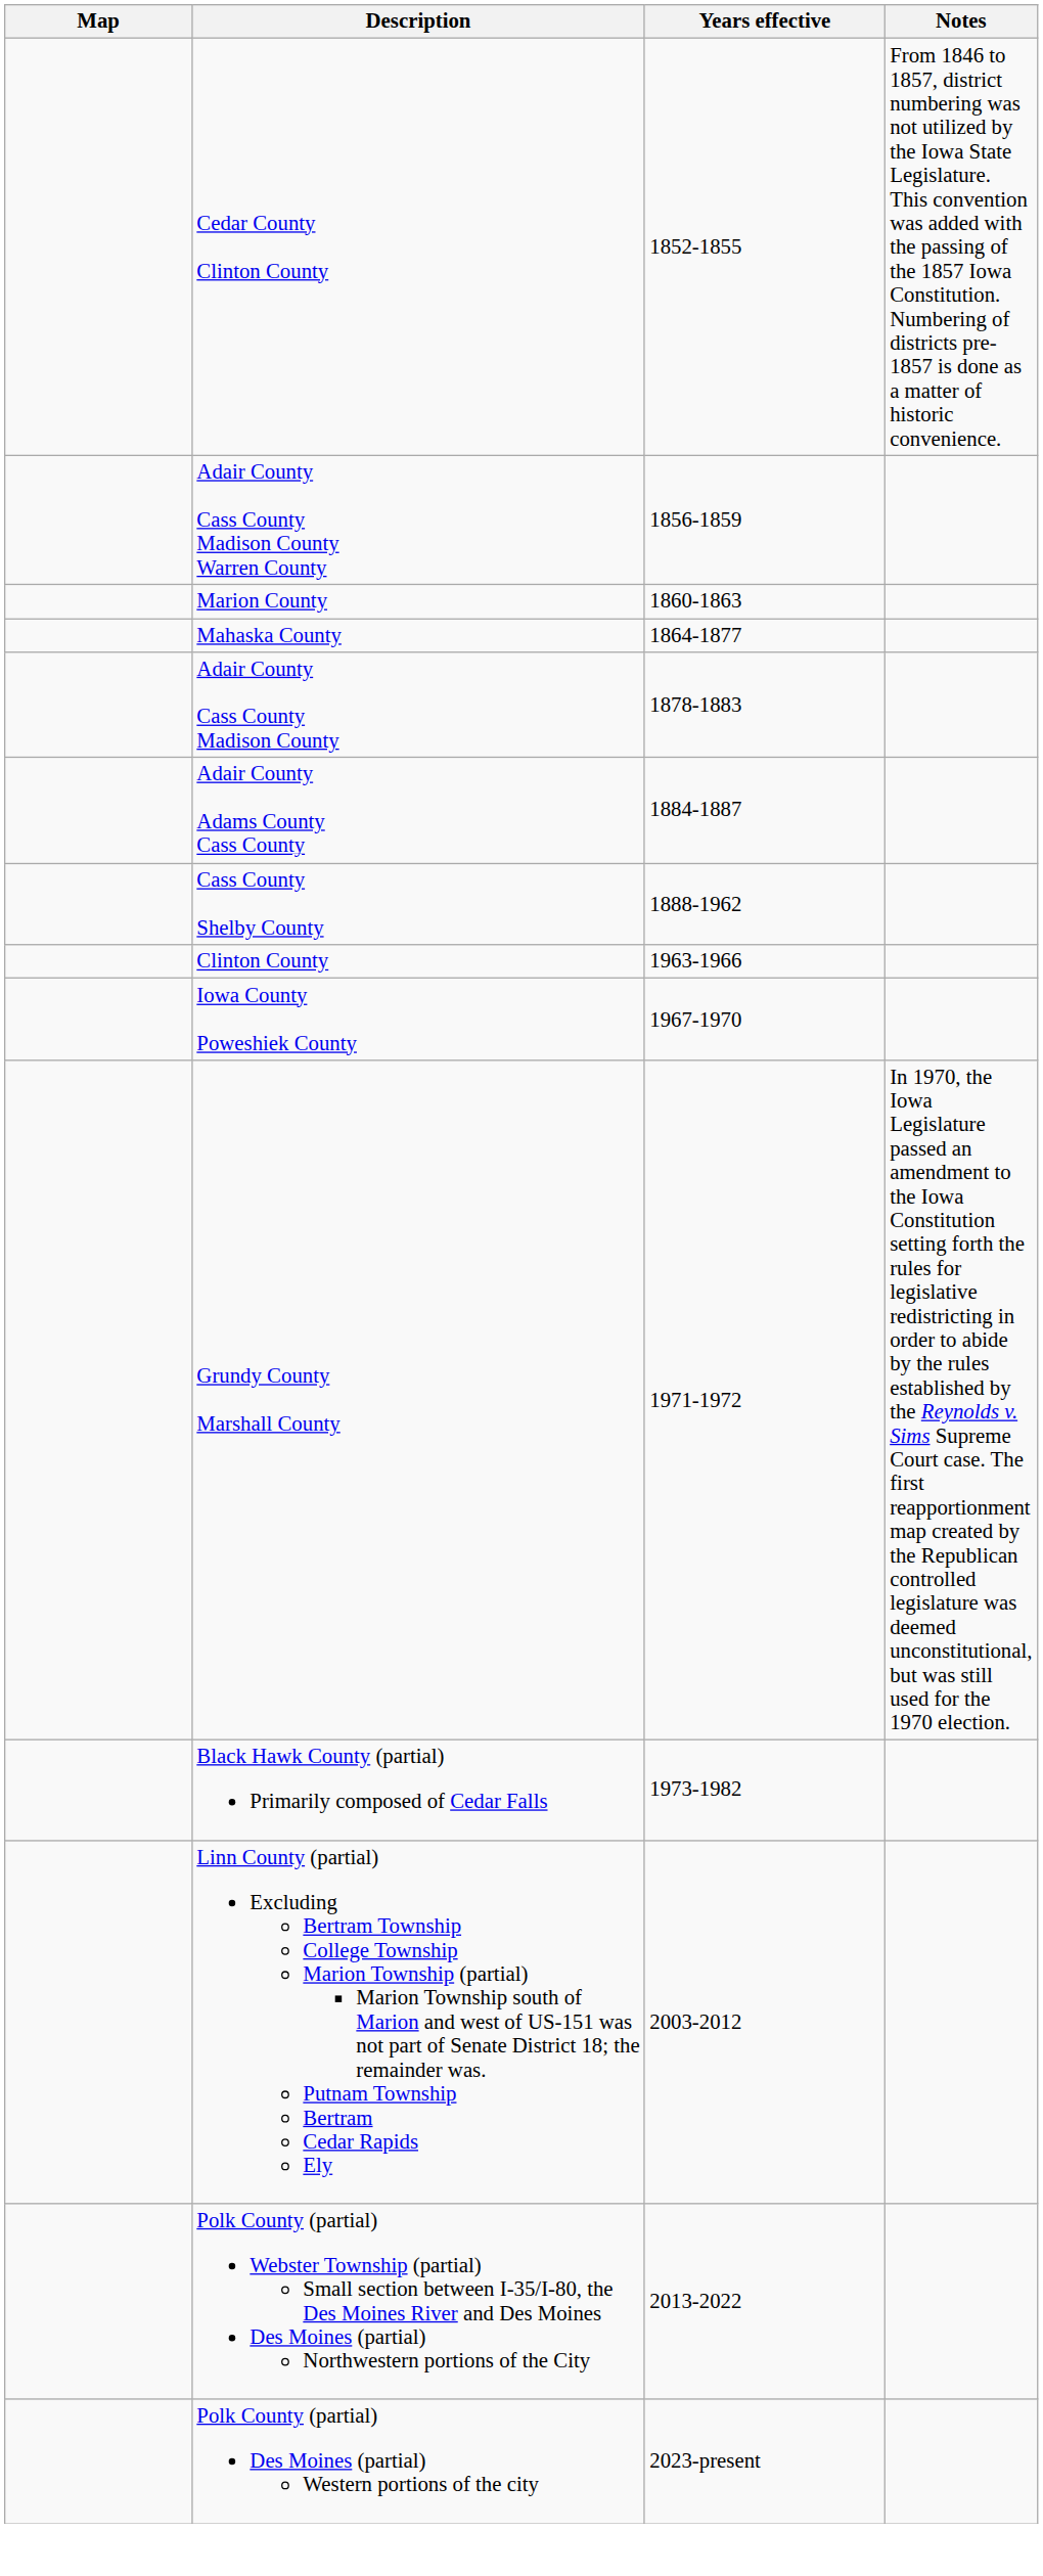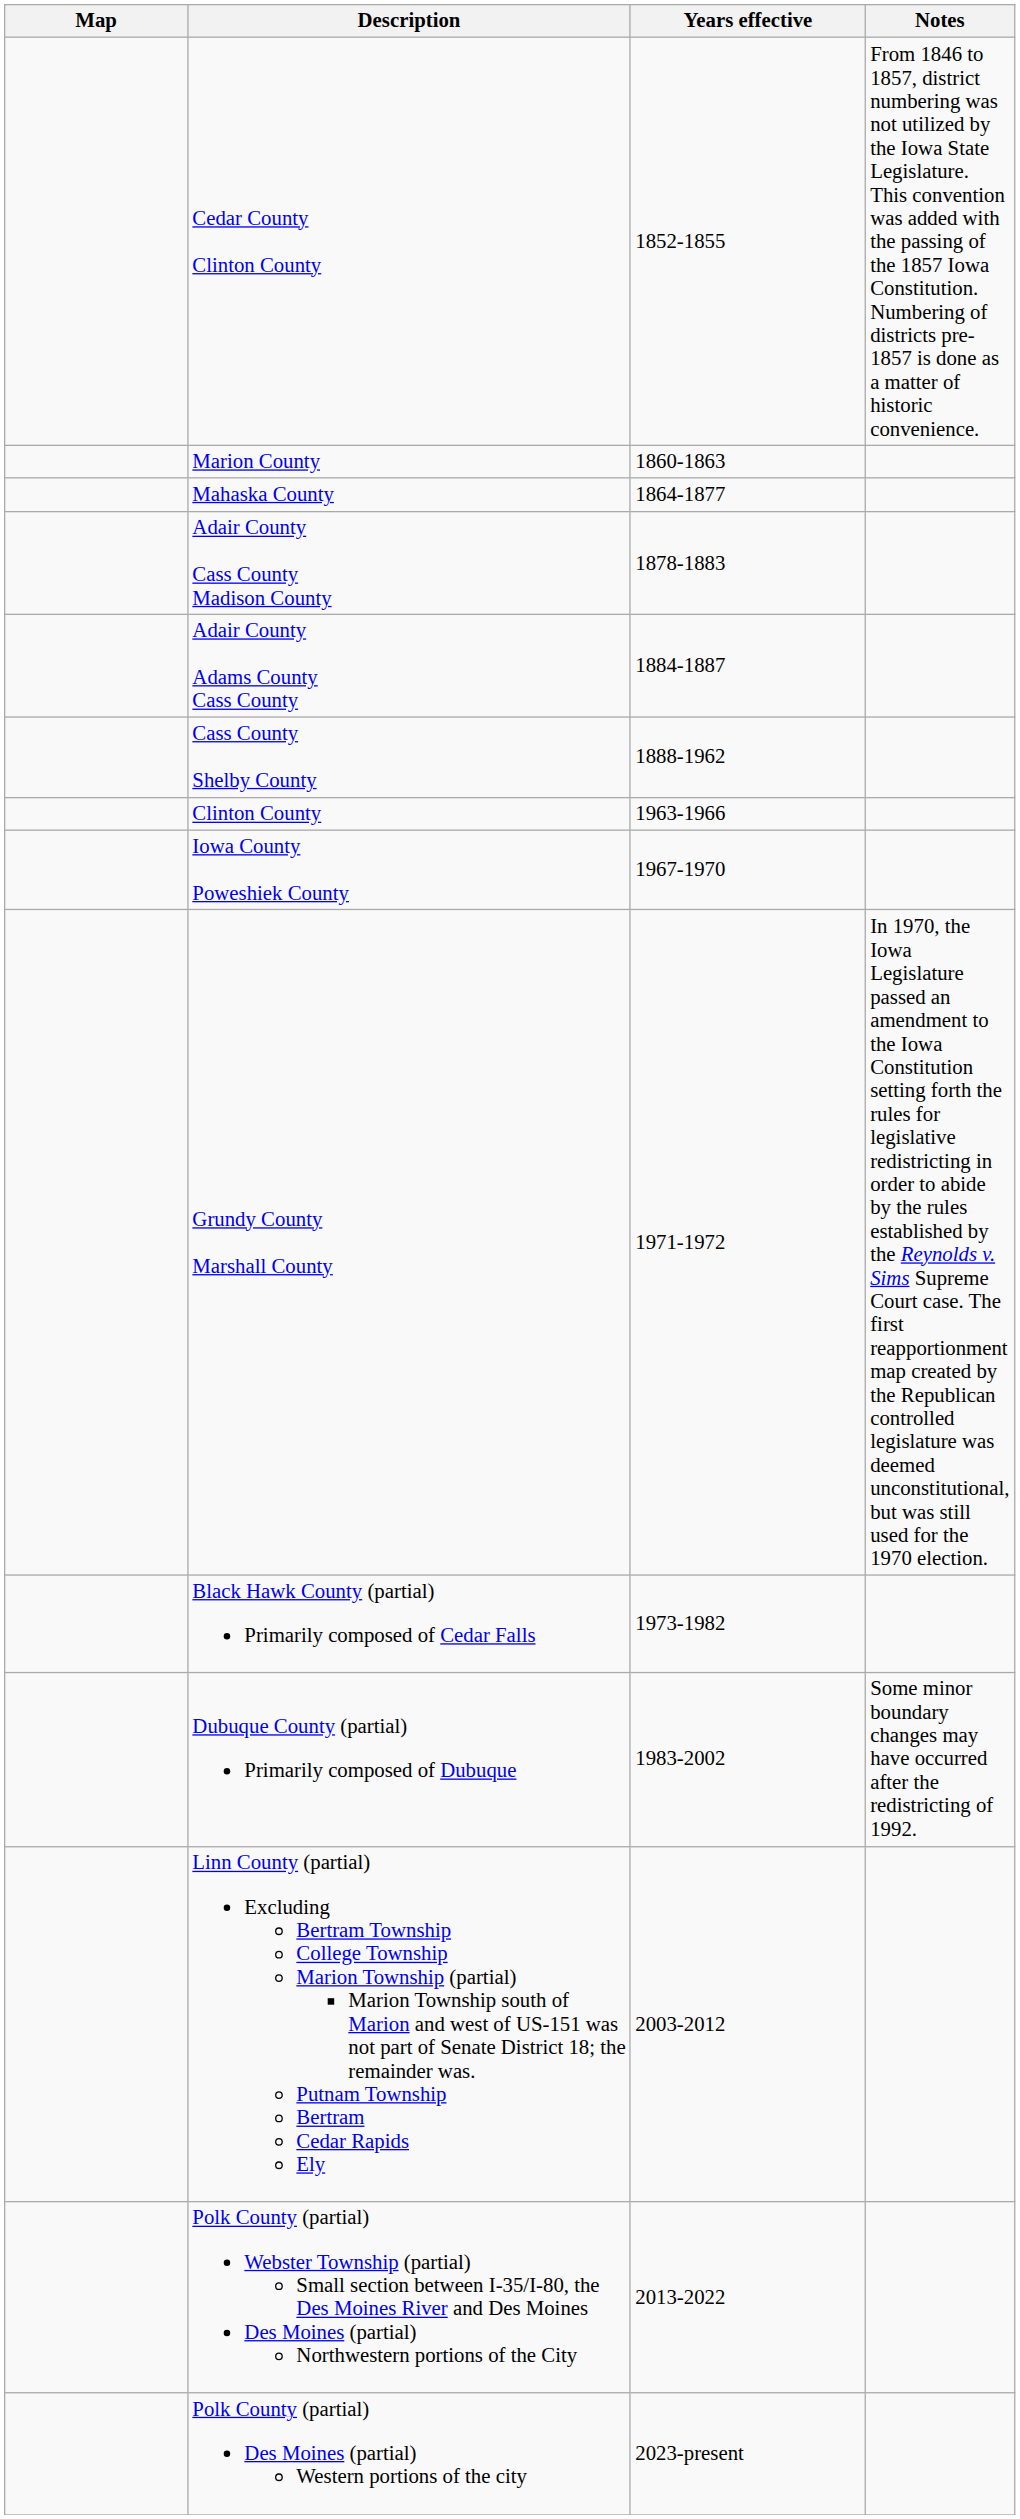 <table class="wikitable sortable">
 <tr>
 <th style="width:100pt;">Map</th>
 <th style="width:250pt;">Description</th>
 <th style="width:130pt;">Years effective</th>
 <th style="width:15pt;">Notes</th>
 </tr>
 <tr>
 <td></td>
 <td><a href='#'>Cedar County</a><br><br><a href='#'>Clinton County</a></td>
 <td>1852-1855</td>
 <td>From 1846 to 1857, district numbering was not utilized by the Iowa State Legislature. This convention was added with the passing of the 1857 Iowa Constitution. Numbering of districts pre-1857 is done as a matter of historic convenience.</td>
-</tr>
-<tr>
-<td></td>
-<td><a href='#'>Adair County</a><br><br><a href='#'>Cass County</a><br> <a href='#'>Madison County</a><br> <a href='#'>Warren County</a></td>
-<td>1856-1859</td>
-<td></td>
 </tr>
 <tr>
 <td></td>
 <td><a href='#'>Marion County</a></td>
 <td>1860-1863</td>
 <td></td>
 </tr>
 <tr>
 <td></td>
 <td><a href='#'>Mahaska County</a></td>
 <td>1864-1877</td>
 <td></td>
 </tr>
 <tr>
 <td></td>
 <td><a href='#'>Adair County</a><br><br><a href='#'>Cass County</a><br> <a href='#'>Madison County</a></td>
 <td>1878-1883</td>
 <td></td>
 </tr>
 <tr>
 <td></td>
 <td><a href='#'>Adair County</a><br><br><a href='#'>Adams County</a><br> <a href='#'>Cass County</a></td>
 <td>1884-1887</td>
 <td></td>
 </tr>
 <tr>
 <td></td>
 <td><a href='#'>Cass County</a><br><br><a href='#'>Shelby County</a></td>
 <td>1888-1962</td>
 <td></td>
 </tr>
 <tr>
 <td></td>
 <td><a href='#'>Clinton County</a></td>
 <td>1963-1966</td>
 <td></td>
 </tr>
 <tr>
 <td></td>
 <td><a href='#'>Iowa County</a><br><br><a href='#'>Poweshiek County</a></td>
 <td>1967-1970</td>
 <td></td>
 </tr>
 <tr>
 <td></td>
 <td><a href='#'>Grundy County</a><br><br><a href='#'>Marshall County</a></td>
 <td>1971-1972</td>
 <td>In 1970, the Iowa Legislature passed an amendment to the Iowa Constitution setting forth the rules for legislative redistricting in order to abide by the rules established by the <em><a href='#'>Reynolds v. Sims</a></em> Supreme Court case. The first reapportionment map created by the Republican controlled legislature was deemed unconstitutional, but was still used for the 1970 election.</td>
 </tr>
 <tr>
 <td></td>
 <td><a href='#'>Black Hawk County</a> (partial)<br><ul><li>Primarily composed of <a href='#'>Cedar Falls</a></li></ul></td>
 <td>1973-1982</td>
 <td></td>
 </tr>
 <tr>
 <td></td>
+<td><a href='#'>Dubuque County</a> (partial)<br><ul><li>Primarily composed of <a href='#'>Dubuque</a></li></ul></td>
+<td>1983-2002</td>
+<td>Some minor boundary changes may have occurred after the redistricting of 1992.</td>
+</tr>
+<tr>
+<td></td>
 <td><a href='#'>Linn County</a> (partial)<br><ul><li>Excluding<ul><li><a href='#'>Bertram Township</a></li><li><a href='#'>College Township</a></li><li><a href='#'>Marion Township</a> (partial)<ul><li>Marion Township south of <a href='#'>Marion</a> and west of US-151 was not part of Senate District 18; the remainder was.</li></ul></li><li><a href='#'>Putnam Township</a></li><li><a href='#'>Bertram</a></li><li><a href='#'>Cedar Rapids</a></li><li><a href='#'>Ely</a></li></ul></li></ul></td>
 <td>2003-2012</td>
 <td></td>
 </tr>
 <tr>
 <td></td>
 <td><a href='#'>Polk County</a> (partial)<br><ul><li><a href='#'>Webster Township</a> (partial)<ul><li>Small section between I-35/I-80, the <a href='#'>Des Moines River</a> and Des Moines</li></ul></li><li><a href='#'>Des Moines</a> (partial)<ul><li>Northwestern portions of the City</li></ul></li></ul></td>
 <td>2013-2022</td>
 <td></td>
 </tr>
 <tr>
 <td></td>
 <td><a href='#'>Polk County</a> (partial)<br><ul><li><a href='#'>Des Moines</a> (partial)<ul><li>Western portions of the city</li></ul></li></ul></td>
 <td>2023-present</td>
 </tr>
 </table>
